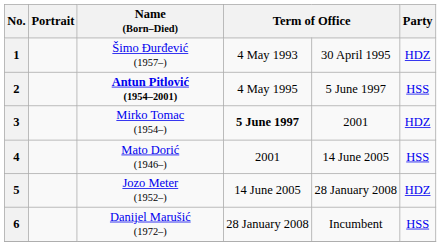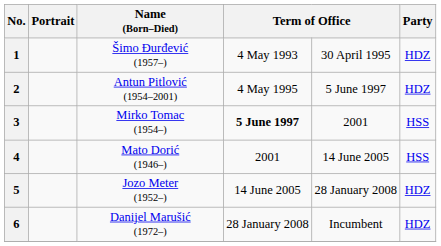 <table class="wikitable" style="text-align:center">
 <tr ->
 <th>No.</th>
 <th>Portrait</th>
 <th width=180>Name<br><small>(Born–Died)</small></th>
 <th colspan=2>Term of Office</th>
 <th>Party</th>
 </tr>
 <tr ->
 <th style="background:">1</th>
 <td></td>
 <td><a href='#'>Šimo Đurđević</a><br><small>(1957–)</small></td>
 <td>4 May 1993</td>
 <td>30 April 1995</td>
 <td><a href='#'>HDZ</a></td>
 </tr>
 <tr ->
 <th style="background:">2</th>
 <td></td>
-<td><strong><a href='#'>Antun Pitlović</a><br><small>(1954–2001)</small></strong></td>
+<td><a href='#'>Antun Pitlović</a><br><small>(1954–2001)</small></td>
 <td>4 May 1995</td>
 <td>5 June 1997</td>
-<td><a href='#'>HSS</a></td>
+<td><a href='#'>HDZ</a></td>
 </tr>
 <tr ->
 <th style="background:">3</th>
 <td></td>
 <td><a href='#'>Mirko Tomac</a><br><small>(1954–)</small></td>
 <td><strong>5 June 1997</strong></td>
 <td>2001</td>
-<td><a href='#'>HDZ</a></td>
+<td><a href='#'>HSS</a></td>
 </tr>
 <tr ->
 <th style="background:">4</th>
 <td></td>
 <td><a href='#'>Mato Dorić</a><br><small>(1946–)</small></td>
 <td>2001</td>
 <td>14 June 2005</td>
 <td><a href='#'>HSS</a></td>
 </tr>
 <tr ->
 <th style="background:">5</th>
 <td></td>
 <td><a href='#'>Jozo Meter</a><br><small>(1952–)</small></td>
 <td>14 June 2005</td>
 <td>28 January 2008</td>
 <td><a href='#'>HDZ</a></td>
 </tr>
 <tr ->
 <th style="background:">6</th>
 <td></td>
 <td><a href='#'>Danijel Marušić</a><br><small>(1972–)</small></td>
 <td>28 January 2008</td>
 <td>Incumbent</td>
-<td><a href='#'>HSS</a></td>
+<td><a href='#'>HDZ</a></td>
 </tr>
 <tr ->
 </tr>
 </table>
